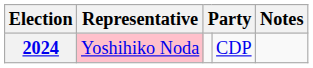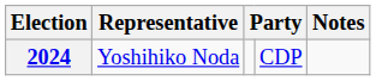 <table class=wikitable>
 <tr valign=bottom>
 <th>Election</th>
 <th>Representative</th>
 <th colspan=2>Party</th>
 <th>Notes</th>
 </tr>
 <tr>
 <th><a href='#'>2024</a></th>
-<td style="background: pink;"><a href='#'>Yoshihiko Noda</a></td>
+<td><a href='#'>Yoshihiko Noda</a></td>
 <td bgcolor=></td>
 <td><a href='#'>CDP</a></td>
 <td></td>
 </tr>
 </table>
